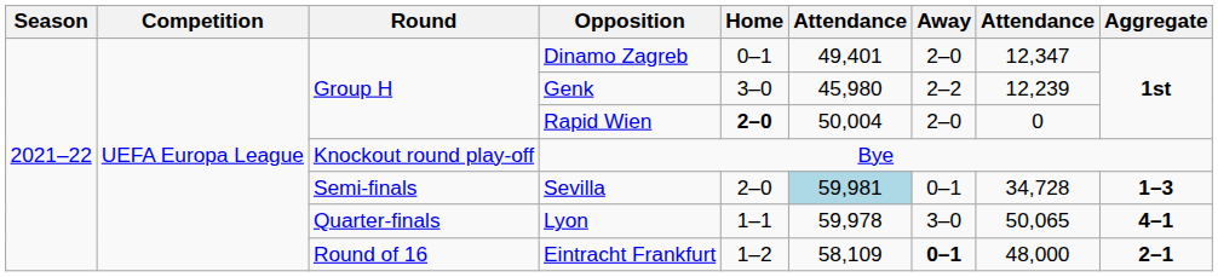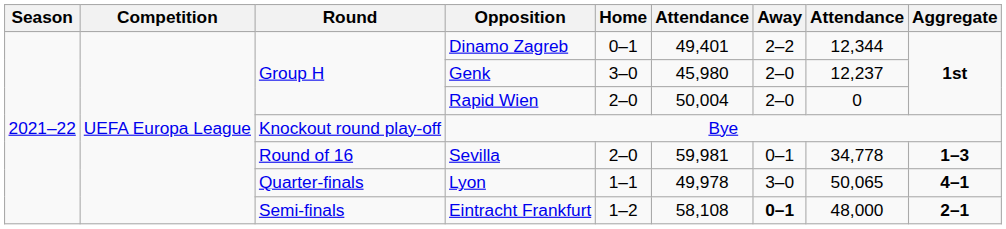 <table class="wikitable">
 <tr>
 <th>Season</th>
 <th>Competition</th>
 <th>Round</th>
 <th>Opposition</th>
 <th>Home</th>
 <th>Attendance</th>
 <th>Away</th>
 <th>Attendance</th>
 <th>Aggregate</th>
 </tr>
 <tr>
 <td rowspan=7><a href='#'>2021–22</a></td>
 <td rowspan=7><a href='#'>UEFA Europa League</a></td>
 <td rowspan=3><a href='#'>Group H</a></td>
 <td> <a href='#'>Dinamo Zagreb</a></td>
 <td style="text-align:center;">0–1</td>
 <td style="text-align:center;">49,401</td>
-<td style="text-align:center;">2–0</td>
-<td style="text-align:center;">12,347</td>
+<td style="text-align:center;">2–2</td>
+<td style="text-align:center;">12,344</td>
 <td rowspan=3 style="text-align:center;"><strong>1st</strong></td>
 </tr>
 <tr>
 <td> <a href='#'>Genk</a></td>
 <td style="text-align:center;">3–0</td>
 <td style="text-align:center;">45,980</td>
-<td style="text-align:center;">2–2</td>
-<td style="text-align:center;">12,239</td>
+<td style="text-align:center;">2–0</td>
+<td style="text-align:center;">12,237</td>
 </tr>
 <tr>
 <td> <a href='#'>Rapid Wien</a></td>
-<td style="text-align:center;"><strong>2–0</strong></td>
+<td style="text-align:center;">2–0</td>
 <td style="text-align:center;">50,004</td>
 <td style="text-align:center;">2–0</td>
 <td style="text-align:center;">0</td>
 </tr>
 <tr>
 <td><a href='#'>Knockout round play-off</a></td>
 <td colspan=6 style="text-align:center;"><a href='#'>Bye</a></td>
 </tr>
 <tr>
-<td><a href='#'>Semi-finals</a></td>
+<td><a href='#'>Round of 16</a></td>
 <td> <a href='#'>Sevilla</a></td>
 <td style="text-align:center;">2–0 </td>
-<td style="background: lightblue; text-align:center;">59,981</td>
+<td style="text-align:center;">59,981</td>
 <td style="text-align:center;">0–1</td>
-<td style="text-align:center;">34,728</td>
+<td style="text-align:center;">34,778</td>
 <td style="text-align:center;"><strong>1–3</strong></td>
 </tr>
 <tr>
 <td><a href='#'>Quarter-finals</a></td>
 <td> <a href='#'>Lyon</a></td>
 <td style="text-align:center;">1–1</td>
-<td style="text-align:center;">59,978</td>
+<td style="text-align:center;">49,978</td>
 <td style="text-align:center;">3–0</td>
 <td style="text-align:center;">50,065</td>
 <td style="text-align:center;"><strong>4–1</strong></td>
 </tr>
 <tr>
-<td><a href='#'>Round of 16</a></td>
+<td><a href='#'>Semi-finals</a></td>
 <td> <a href='#'>Eintracht Frankfurt</a></td>
 <td style="text-align:center;">1–2</td>
-<td style="text-align:center;">58,109</td>
+<td style="text-align:center;">58,108</td>
 <td style="text-align:center;"><strong>0–1</strong></td>
 <td style="text-align:center;">48,000</td>
 <td style="text-align:center;"><strong>2–1</strong></td>
 </tr>
 </table>
